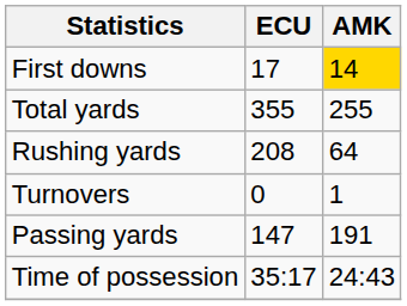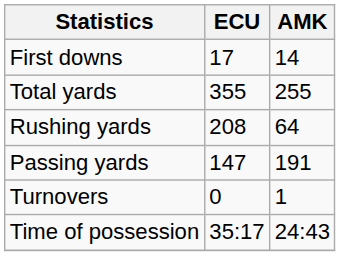 <table class="wikitable" style="float: left;">
 <tr>
 <th>Statistics</th>
 <th>ECU</th>
 <th>AMK</th>
 </tr>
 <tr>
 <td>First downs</td>
 <td>17</td>
-<td style="background: gold;">14</td>
+<td>14</td>
 </tr>
 <tr>
 <td>Total yards</td>
 <td>355</td>
 <td>255</td>
 </tr>
 <tr>
 <td>Rushing yards</td>
 <td>208</td>
 <td>64</td>
 </tr>
 <tr>
+<td>Passing yards</td>
+<td>147</td>
+<td>191</td>
+</tr>
+<tr>
 <td>Turnovers</td>
 <td>0</td>
 <td>1</td>
-</tr>
-<tr>
-<td>Passing yards</td>
-<td>147</td>
-<td>191</td>
 </tr>
 <tr>
 <td>Time of possession</td>
 <td>35:17</td>
 <td>24:43</td>
 </tr>
 <tr>
 </tr>
 </table>
